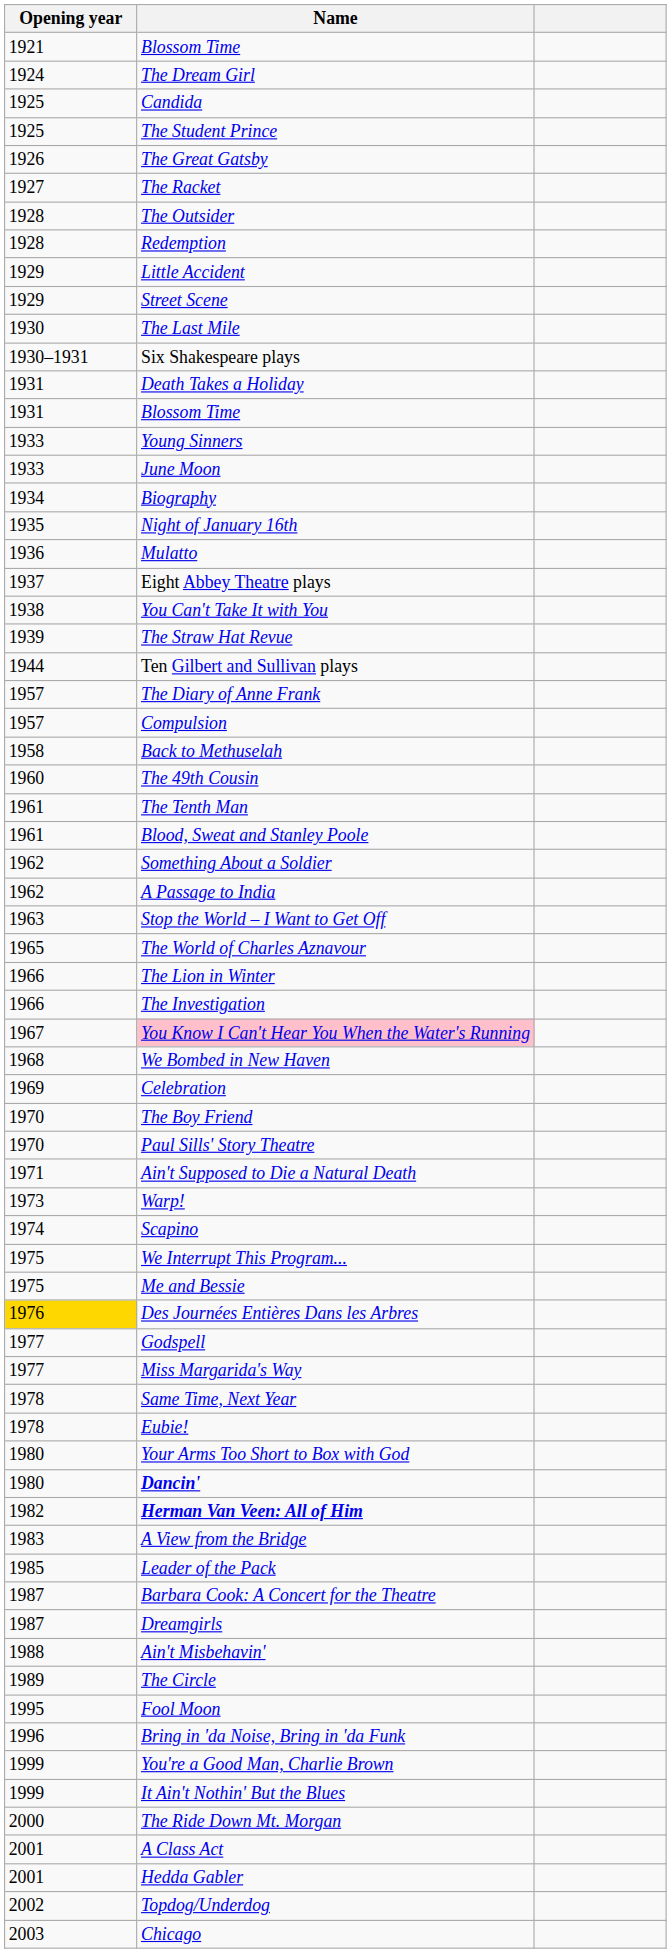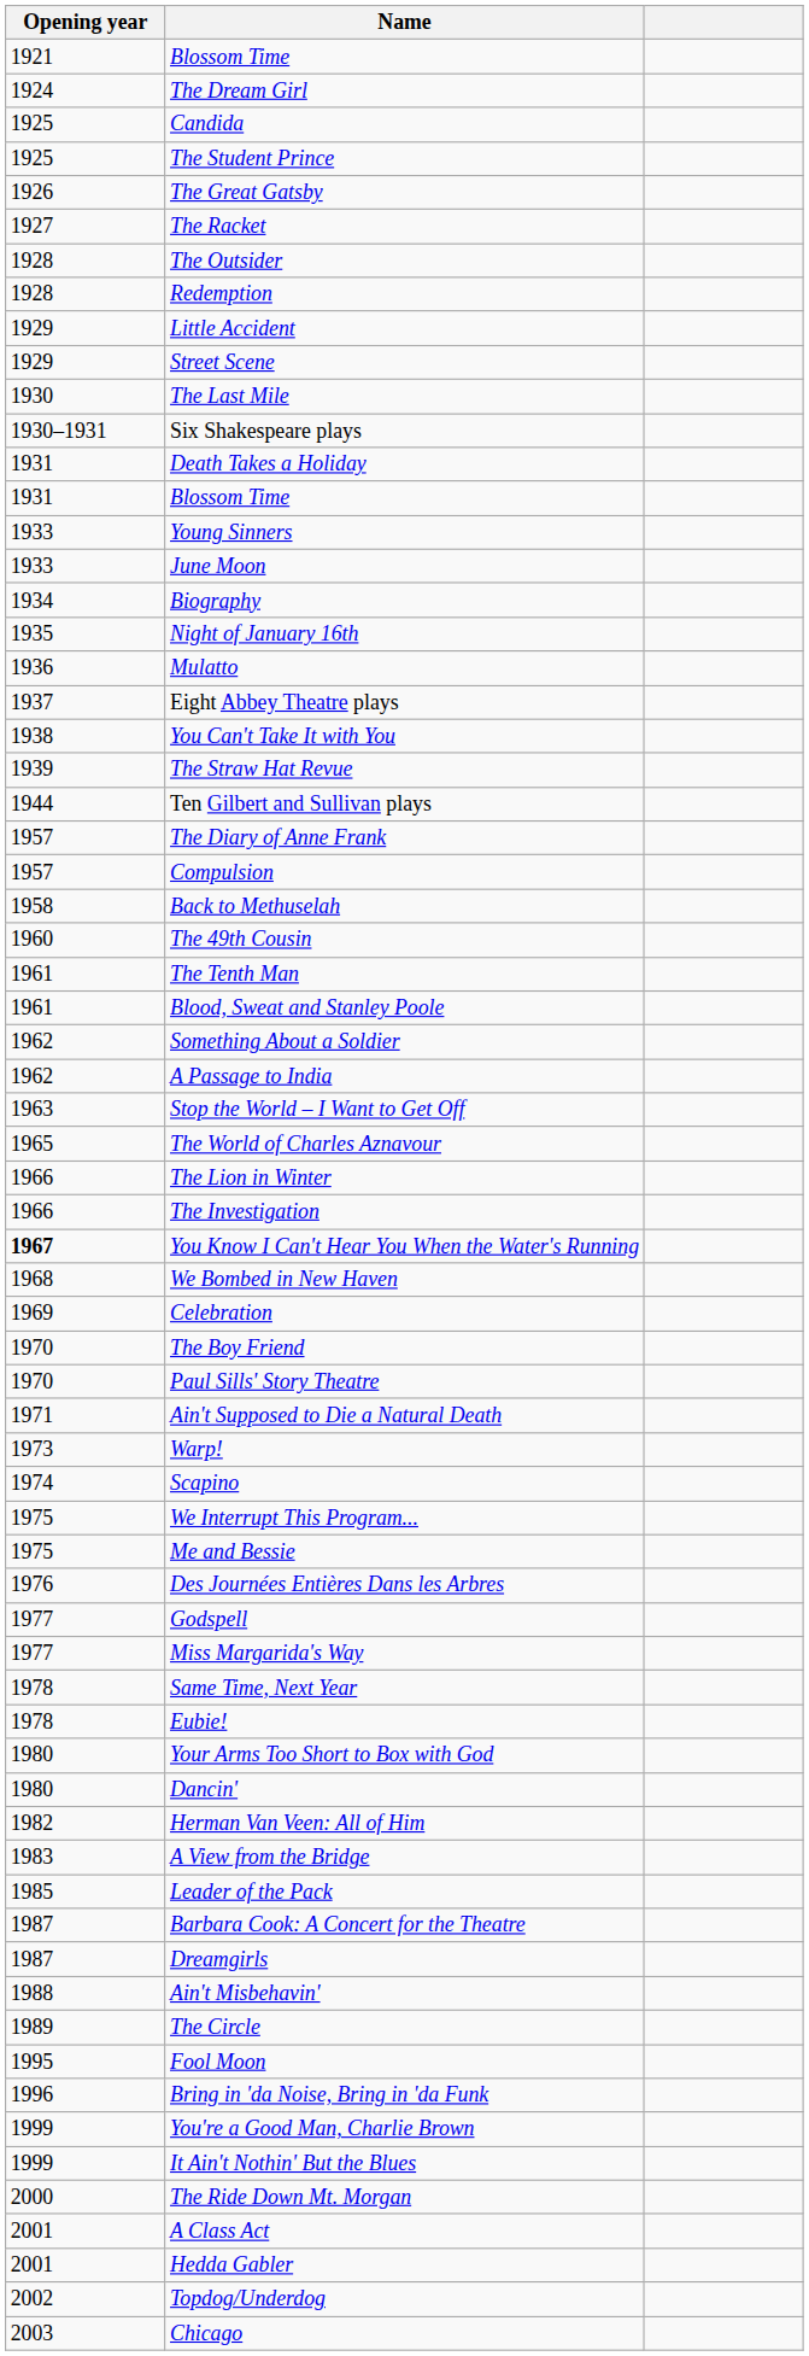 <table class="wikitable sortable collapsible">
 <tr>
 <th width=20% scope="col">Opening year</th>
 <th width=60% scope="col">Name</th>
 <th width=20% scope="col" class="unsortable"></th>
 </tr>
 <tr>
 <td>1921</td>
 <td><em><a href='#'>Blossom Time</a></em></td>
 <td></td>
 </tr>
 <tr>
 <td>1924</td>
 <td><em><a href='#'>The Dream Girl</a></em></td>
 <td></td>
 </tr>
 <tr>
 <td>1925</td>
 <td><em><a href='#'>Candida</a></em></td>
 <td></td>
 </tr>
 <tr>
 <td>1925</td>
 <td><em><a href='#'>The Student Prince</a></em></td>
 <td></td>
 </tr>
 <tr>
 <td>1926</td>
 <td><em><a href='#'>The Great Gatsby</a></em></td>
 <td></td>
 </tr>
 <tr>
 <td>1927</td>
 <td><em><a href='#'>The Racket</a></em></td>
 <td></td>
 </tr>
 <tr>
 <td>1928</td>
 <td><em><a href='#'>The Outsider</a></em></td>
 <td></td>
 </tr>
 <tr>
 <td>1928</td>
 <td><em><a href='#'>Redemption</a></em></td>
 <td></td>
 </tr>
 <tr>
 <td>1929</td>
 <td><em><a href='#'>Little Accident</a></em></td>
 <td></td>
 </tr>
 <tr>
 <td>1929</td>
 <td><em><a href='#'>Street Scene</a></em></td>
 <td></td>
 </tr>
 <tr>
 <td>1930</td>
 <td><em><a href='#'>The Last Mile</a></em></td>
 <td></td>
 </tr>
 <tr>
 <td>1930–1931</td>
 <td>Six Shakespeare plays</td>
 <td></td>
 </tr>
 <tr>
 <td>1931</td>
 <td><em><a href='#'>Death Takes a Holiday</a></em></td>
 <td></td>
 </tr>
 <tr>
 <td>1931</td>
 <td><em><a href='#'>Blossom Time</a></em></td>
 <td></td>
 </tr>
 <tr>
 <td>1933</td>
 <td><em><a href='#'>Young Sinners</a></em></td>
 <td></td>
 </tr>
 <tr>
 <td>1933</td>
 <td><em><a href='#'>June Moon</a></em></td>
 <td></td>
 </tr>
 <tr>
 <td>1934</td>
 <td><em><a href='#'>Biography</a></em></td>
 <td></td>
 </tr>
 <tr>
 <td>1935</td>
 <td><em><a href='#'>Night of January 16th</a></em></td>
 <td></td>
 </tr>
 <tr>
 <td>1936</td>
 <td><em><a href='#'>Mulatto</a></em></td>
 <td></td>
 </tr>
 <tr>
 <td>1937</td>
 <td>Eight <a href='#'>Abbey Theatre</a> plays</td>
 <td></td>
 </tr>
 <tr>
 <td>1938</td>
 <td><em><a href='#'>You Can't Take It with You</a></em></td>
 <td></td>
 </tr>
 <tr>
 <td>1939</td>
 <td><em><a href='#'>The Straw Hat Revue</a></em></td>
 <td></td>
 </tr>
 <tr>
 <td>1944</td>
 <td>Ten <a href='#'>Gilbert and Sullivan</a> plays</td>
 <td></td>
 </tr>
 <tr>
 <td>1957</td>
 <td><em><a href='#'>The Diary of Anne Frank</a></em></td>
 <td></td>
 </tr>
 <tr>
 <td>1957</td>
 <td><em><a href='#'>Compulsion</a></em></td>
 <td></td>
 </tr>
 <tr>
 <td>1958</td>
 <td><em><a href='#'>Back to Methuselah</a></em></td>
 <td></td>
 </tr>
 <tr>
 <td>1960</td>
 <td><em><a href='#'>The 49th Cousin</a></em></td>
 <td></td>
 </tr>
 <tr>
 <td>1961</td>
 <td><em><a href='#'>The Tenth Man</a></em></td>
 <td></td>
 </tr>
 <tr>
 <td>1961</td>
 <td><em><a href='#'>Blood, Sweat and Stanley Poole</a></em></td>
 <td></td>
 </tr>
 <tr>
 <td>1962</td>
 <td><em><a href='#'>Something About a Soldier</a></em></td>
 <td></td>
 </tr>
 <tr>
 <td>1962</td>
 <td><em><a href='#'>A Passage to India</a></em></td>
 <td></td>
 </tr>
 <tr>
 <td>1963</td>
 <td><em><a href='#'>Stop the World – I Want to Get Off</a></em></td>
 <td></td>
 </tr>
 <tr>
 <td>1965</td>
 <td><em><a href='#'>The World of Charles Aznavour</a></em></td>
 <td></td>
 </tr>
 <tr>
 <td>1966</td>
 <td><em><a href='#'>The Lion in Winter</a></em></td>
 <td></td>
 </tr>
 <tr>
 <td>1966</td>
 <td><em><a href='#'>The Investigation</a></em></td>
 <td></td>
 </tr>
 <tr>
-<td>1967</td>
-<td style="background: pink;"><em><a href='#'>You Know I Can't Hear You When the Water's Running</a></em></td>
+<td><strong>1967</strong></td>
+<td><em><a href='#'>You Know I Can't Hear You When the Water's Running</a></em></td>
 <td></td>
 </tr>
 <tr>
 <td>1968</td>
 <td><em><a href='#'>We Bombed in New Haven</a></em></td>
 <td></td>
 </tr>
 <tr>
 <td>1969</td>
 <td><em><a href='#'>Celebration</a></em></td>
 <td></td>
 </tr>
 <tr>
 <td>1970</td>
 <td><em><a href='#'>The Boy Friend</a></em></td>
 <td></td>
 </tr>
 <tr>
 <td>1970</td>
 <td><em><a href='#'>Paul Sills' Story Theatre</a></em></td>
 <td></td>
 </tr>
 <tr>
 <td>1971</td>
 <td><em><a href='#'>Ain't Supposed to Die a Natural Death</a></em></td>
 <td></td>
 </tr>
 <tr>
 <td>1973</td>
 <td><em><a href='#'>Warp!</a></em></td>
 <td></td>
 </tr>
 <tr>
 <td>1974</td>
 <td><em><a href='#'>Scapino</a></em></td>
 <td></td>
 </tr>
 <tr>
 <td>1975</td>
 <td><em><a href='#'>We Interrupt This Program...</a></em></td>
 <td></td>
 </tr>
 <tr>
 <td>1975</td>
 <td><em><a href='#'>Me and Bessie</a></em></td>
 <td></td>
 </tr>
 <tr>
-<td style="background: gold;">1976</td>
+<td>1976</td>
 <td><em><a href='#'>Des Journées Entières Dans les Arbres</a></em></td>
 <td></td>
 </tr>
 <tr>
 <td>1977</td>
 <td><em><a href='#'>Godspell</a></em></td>
 <td></td>
 </tr>
 <tr>
 <td>1977</td>
 <td><em><a href='#'>Miss Margarida's Way</a></em></td>
 <td></td>
 </tr>
 <tr>
 <td>1978</td>
 <td><em><a href='#'>Same Time, Next Year</a></em></td>
 <td></td>
 </tr>
 <tr>
 <td>1978</td>
 <td><em><a href='#'>Eubie!</a></em></td>
 <td></td>
 </tr>
 <tr>
 <td>1980</td>
 <td><em><a href='#'>Your Arms Too Short to Box with God</a></em></td>
 <td></td>
 </tr>
 <tr>
 <td>1980</td>
-<td><strong><em><a href='#'>Dancin'</a></em></strong></td>
+<td><em><a href='#'>Dancin'</a></em></td>
 <td></td>
 </tr>
 <tr>
 <td>1982</td>
-<td><strong><em><a href='#'>Herman Van Veen: All of Him</a></em></strong></td>
+<td><em><a href='#'>Herman Van Veen: All of Him</a></em></td>
 <td></td>
 </tr>
 <tr>
 <td>1983</td>
 <td><em><a href='#'>A View from the Bridge</a></em></td>
 <td></td>
 </tr>
 <tr>
 <td>1985</td>
 <td><em><a href='#'>Leader of the Pack</a></em></td>
 <td></td>
 </tr>
 <tr>
 <td>1987</td>
 <td><em><a href='#'>Barbara Cook: A Concert for the Theatre</a></em></td>
 <td></td>
 </tr>
 <tr>
 <td>1987</td>
 <td><em><a href='#'>Dreamgirls</a></em></td>
 <td></td>
 </tr>
 <tr>
 <td>1988</td>
 <td><em><a href='#'>Ain't Misbehavin'</a></em></td>
 <td></td>
 </tr>
 <tr>
 <td>1989</td>
 <td><em><a href='#'>The Circle</a></em></td>
 <td></td>
 </tr>
 <tr>
 <td>1995</td>
 <td><em><a href='#'>Fool Moon</a></em></td>
 <td></td>
 </tr>
 <tr>
 <td>1996</td>
 <td><em><a href='#'>Bring in 'da Noise, Bring in 'da Funk</a></em></td>
 <td></td>
 </tr>
 <tr>
 <td>1999</td>
 <td><em><a href='#'>You're a Good Man, Charlie Brown</a></em></td>
 <td></td>
 </tr>
 <tr>
 <td>1999</td>
 <td><em><a href='#'>It Ain't Nothin' But the Blues</a></em></td>
 <td></td>
 </tr>
 <tr>
 <td>2000</td>
 <td><em><a href='#'>The Ride Down Mt. Morgan</a></em></td>
 <td></td>
 </tr>
 <tr>
 <td>2001</td>
 <td><em><a href='#'>A Class Act</a></em></td>
 <td></td>
 </tr>
 <tr>
 <td>2001</td>
 <td><em><a href='#'>Hedda Gabler</a></em></td>
 <td></td>
 </tr>
 <tr>
 <td>2002</td>
 <td><em><a href='#'>Topdog/Underdog</a></em></td>
 <td></td>
 </tr>
 <tr>
 <td>2003</td>
 <td><em><a href='#'>Chicago</a></em></td>
 <td></td>
 </tr>
 </table>
